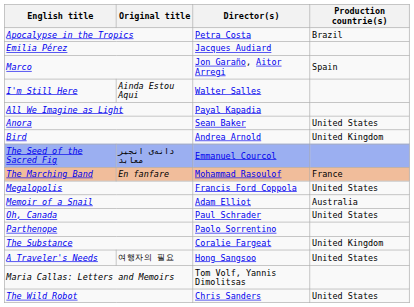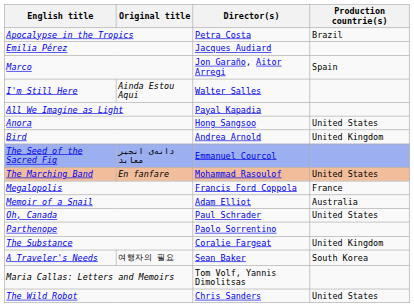 <table class="sortable wikitable" style="width:100%; margin-bottom:4px" cellpadding="5">
 <tr>
 <th scope="col">English title</th>
 <th scope="col">Original title</th>
 <th scope="col">Director(s)</th>
 <th scope="col">Production countrie(s)</th>
 </tr>
 <tr>
 <td colspan = "2"><em><a href='#'>Apocalypse in the Tropics</a></em></td>
 <td><a href='#'>Petra Costa</a></td>
 <td>Brazil</td>
 </tr>
 <tr>
 <td colspan = "2"><em><a href='#'>Emilia Pérez</a></em> </td>
 <td><a href='#'>Jacques Audiard</a></td>
 <td></td>
 </tr>
 <tr>
 <td colspan = "2"><em><a href='#'>Marco</a></em> </td>
 <td><a href='#'>Jon Garaño</a>, <a href='#'>Aitor Arregi</a></td>
 <td>Spain</td>
 </tr>
 <tr>
 <td><em><a href='#'>I'm Still Here</a></em></td>
 <td><em>Ainda Estou Aqui</em></td>
 <td><a href='#'>Walter Salles</a></td>
 <td></td>
 </tr>
 <tr>
 <td colspan = "2"><em><a href='#'>All We Imagine as Light</a></em></td>
 <td><a href='#'>Payal Kapadia</a></td>
 <td></td>
 </tr>
 <tr>
 <td colspan = "2"><em><a href='#'>Anora</a></em></td>
-<td><a href='#'>Sean Baker</a></td>
+<td><a href='#'>Hong Sangsoo</a></td>
 <td>United States</td>
 </tr>
 <tr>
 <td colspan = "2"><em><a href='#'>Bird</a></em></td>
 <td><a href='#'>Andrea Arnold</a></td>
 <td>United Kingdom</td>
 </tr>
 <tr bgcolor = "#9baff1">
 <td><em><a href='#'>The Seed of the Sacred Fig</a></em></td>
 <td>دانه‌ی انجیر معابد</td>
 <td><a href='#'>Emmanuel Courcol</a></td>
 <td></td>
 </tr>
 <tr bgcolor = "#f1bd9b">
 <td><em><a href='#'>The Marching Band</a></em></td>
 <td><em>En fanfare</em></td>
 <td><a href='#'>Mohammad Rasoulof</a></td>
-<td>France</td>
+<td>United States</td>
 </tr>
 <tr>
 <td colspan = "2"><em><a href='#'>Megalopolis</a></em></td>
 <td><a href='#'>Francis Ford Coppola</a></td>
-<td>United States</td>
+<td>France</td>
 </tr>
 <tr>
 <td colspan = "2"><em><a href='#'>Memoir of a Snail</a></em></td>
 <td><a href='#'>Adam Elliot</a></td>
 <td>Australia</td>
 </tr>
 <tr>
 <td colspan = "2"><em><a href='#'>Oh, Canada</a></em></td>
 <td><a href='#'>Paul Schrader</a></td>
 <td>United States</td>
 </tr>
 <tr>
 <td colspan = "2"><em><a href='#'>Parthenope</a></em></td>
 <td><a href='#'>Paolo Sorrentino</a></td>
 <td></td>
 </tr>
 <tr>
 <td colspan = "2"><em><a href='#'>The Substance</a></em></td>
 <td><a href='#'>Coralie Fargeat</a></td>
 <td>United Kingdom</td>
 </tr>
 <tr>
 <td><em><a href='#'>A Traveler's Needs</a></em></td>
 <td>여행자의 필요</td>
-<td><a href='#'>Hong Sangsoo</a></td>
-<td>United States</td>
+<td><a href='#'>Sean Baker</a></td>
+<td>South Korea</td>
 </tr>
 <tr>
 <td colspan = "2"><em>Maria Callas: Letters and Memoirs</em> </td>
 <td>Tom Volf, Yannis Dimolitsas</td>
 <td></td>
 </tr>
 <tr>
 <td colspan = "2"><em><a href='#'>The Wild Robot</a></em> </td>
 <td><a href='#'>Chris Sanders</a></td>
 <td>United States</td>
 </tr>
 </table>
